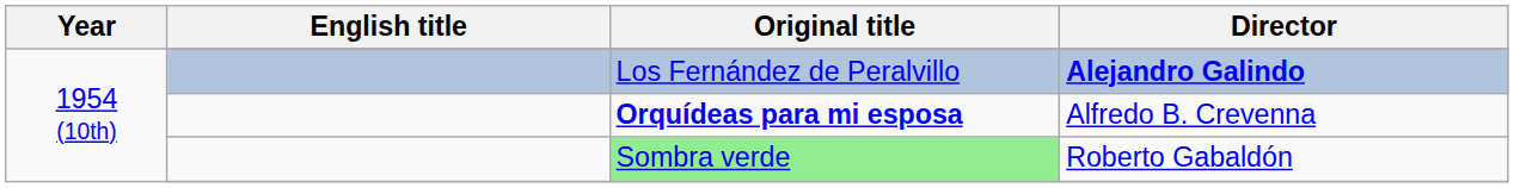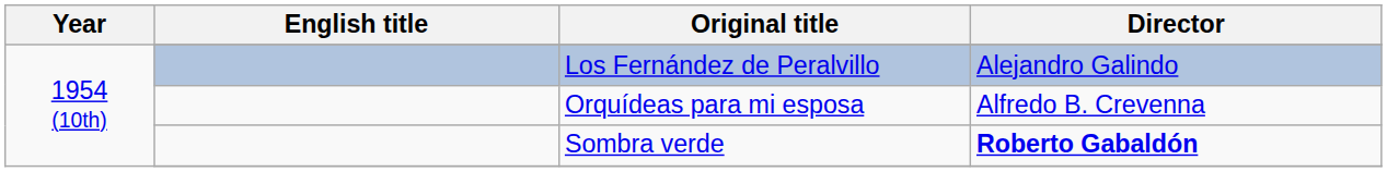 <table class="wikitable">
 <tr>
 <th width="100"><strong>Year</strong></th>
 <th width="300"><strong>English title</strong></th>
 <th width="300"><strong>Original title</strong></th>
 <th width="300"><strong>Director</strong></th>
 </tr>
 <tr>
 <td rowspan="6" style="text-align:center;"><a href='#'>1954</a><br><small><a href='#'>(10th)</a></small></td>
 </tr>
 <tr style="background:#B0C4DE;">
 <td></td>
 <td><a href='#'>Los Fernández de Peralvillo</a></td>
-<td><strong><a href='#'>Alejandro Galindo</a></strong></td>
+<td><a href='#'>Alejandro Galindo</a></td>
 </tr>
 <tr>
 <td></td>
-<td><strong><a href='#'>Orquídeas para mi esposa</a></strong></td>
+<td><a href='#'>Orquídeas para mi esposa</a></td>
 <td><a href='#'>Alfredo B. Crevenna</a></td>
 </tr>
 <tr>
 <td></td>
-<td style="background: lightgreen;"><a href='#'>Sombra verde</a></td>
-<td><a href='#'>Roberto Gabaldón</a></td>
+<td><a href='#'>Sombra verde</a></td>
+<td><strong><a href='#'>Roberto Gabaldón</a></strong></td>
 </tr>
 <tr>
 </tr>
 </table>
